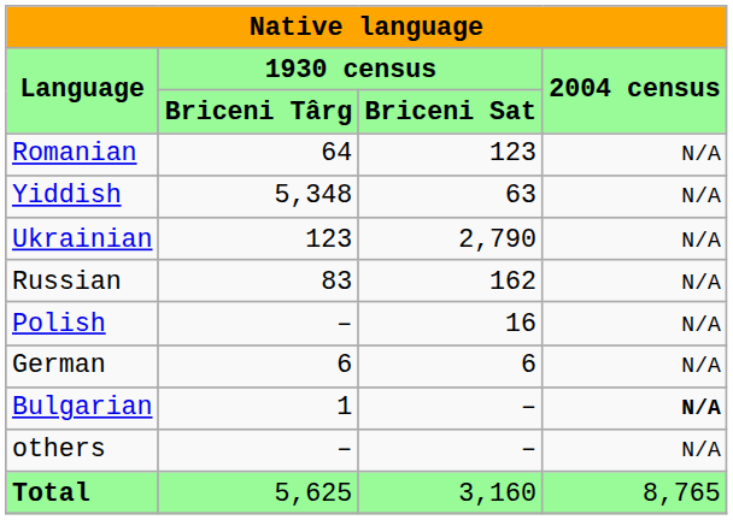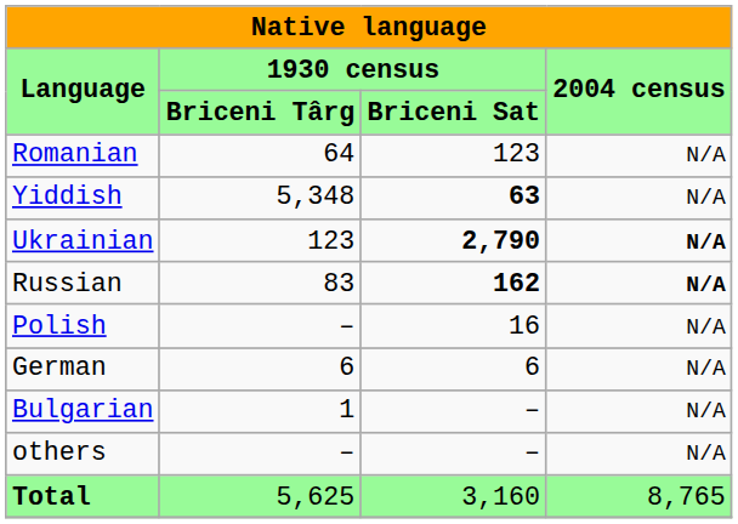 <table class="wikitable">
 <tr ---->
 <td colspan="4" align="center" bgcolor="#FFA500"><strong>Native language</strong></td>
 </tr>
 <tr ---->
 <td rowspan="2" align="center" bgcolor="#98FB98"><strong>Language</strong></td>
 <td colspan="2" align="center" bgcolor="#98FB98"><strong>1930 census</strong></td>
 <td rowspan="2" align="center" bgcolor="#98FB98"><strong>2004 census</strong></td>
 </tr>
 <tr ---->
 <td align="center" bgcolor="#98FB98"><strong>Briceni Târg</strong></td>
 <td align="center" bgcolor="#98FB98"><strong>Briceni Sat</strong></td>
 </tr>
 <tr ---->
 <td align=left><a href='#'>Romanian</a></td>
 <td align=right>64</td>
 <td align=right>123</td>
 <td align=right><small>N/A</small></td>
 </tr>
 <tr ---->
 <td align=left><a href='#'>Yiddish</a></td>
 <td align=right>5,348</td>
-<td align=right>63</td>
+<td align=right><strong>63</strong></td>
 <td align=right><small>N/A</small></td>
 </tr>
 <tr ---->
 <td align=left><a href='#'>Ukrainian</a></td>
 <td align=right>123</td>
-<td align=right>2,790</td>
-<td align=right><small>N/A</small></td>
+<td align=right><strong>2,790</strong></td>
+<td align=right><strong><small>N/A</small></strong></td>
 </tr>
 <tr ---->
 <td align=left>Russian</td>
 <td align=right>83</td>
-<td align=right>162</td>
-<td align=right><small>N/A</small></td>
+<td align=right><strong>162</strong></td>
+<td align=right><strong><small>N/A</small></strong></td>
 </tr>
 <tr ---->
 <td align=left><a href='#'>Polish</a></td>
 <td align=right>–</td>
 <td align=right>16</td>
 <td align=right><small>N/A</small></td>
 </tr>
 <tr ---->
 <td align=left>German</td>
 <td align=right>6</td>
 <td align=right>6</td>
 <td align=right><small>N/A</small></td>
 </tr>
 <tr ---->
 <td align=left><a href='#'>Bulgarian</a></td>
 <td align=right>1</td>
 <td align=right>–</td>
-<td align=right><strong><small>N/A</small></strong></td>
+<td align=right><small>N/A</small></td>
 </tr>
 <tr ---->
 <td align=left>others</td>
 <td align=right>–</td>
 <td align=right>–</td>
 <td align=right><small>N/A</small></td>
 </tr>
 <tr ---->
 <td align=left bgcolor="#98FB98"><strong>Total</strong></td>
 <td align=right bgcolor="#98FB98">5,625</td>
 <td align=right bgcolor="#98FB98">3,160</td>
 <td align=right bgcolor="#98FB98">8,765</td>
 </tr>
 <tr ---->
 </tr>
 </table>
